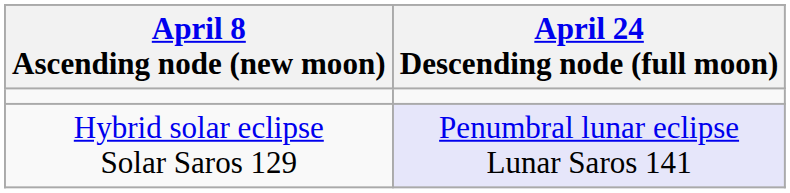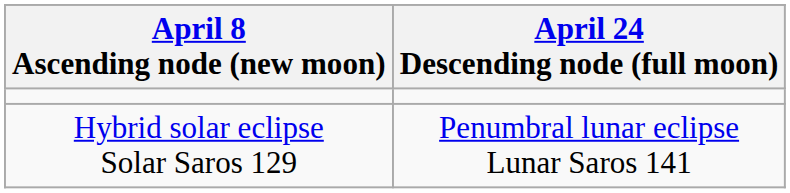 <table class="wikitable">
 <tr>
 <th><a href='#'>April 8</a><br>Ascending node (new moon)<br></th>
 <th><a href='#'>April 24</a><br>Descending node (full moon)<br></th>
 </tr>
 <tr>
 <td></td>
 <td></td>
 </tr>
 <tr align=center>
 <td><a href='#'>Hybrid solar eclipse</a><br>Solar Saros 129</td>
-<td style="background: lavender;"><a href='#'>Penumbral lunar eclipse</a><br>Lunar Saros 141</td>
+<td><a href='#'>Penumbral lunar eclipse</a><br>Lunar Saros 141</td>
 </tr>
 </table>
